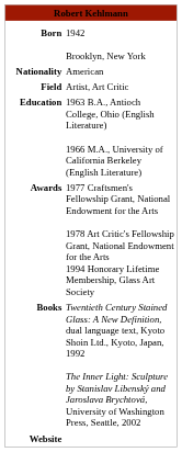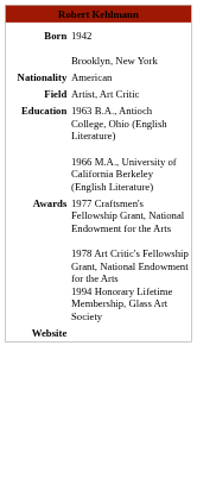 <table style="border:1px solid darkgray; font-size:88%;" cellpadding="3" cellspacing="0" align="right">
 <tr border="0">
 <th style="background:#9E1803 " colspan="2" style="color:white;"><strong>Robert Kehlmann</strong></th>
 </tr>
 <tr border="0">
 <td colspan="2" align="center"></td>
 </tr>
 <tr border="0">
 <td width="80" align="right" valign="top"><strong>Born</strong></td>
 <td width="160" align="left" valign="top">1942<br><br>Brooklyn, New York</td>
 </tr>
 <tr border="0">
 <td width="80" align="right" valign="top"><strong>Nationality</strong></td>
 <td width="160" align="left" valign="top">American</td>
 </tr>
 <tr>
 <td width="80" align="right" valign="top"><strong>Field</strong></td>
 <td width="160" align="left" valign="top">Artist, Art Critic</td>
 </tr>
 <tr>
 <td width="80" align="right" valign="top"><strong>Education</strong></td>
 <td width="160" align="left" valign="top">1963 B.A., Antioch College, Ohio (English Literature)<br><br>1966 M.A., University of California Berkeley (English Literature)</td>
 </tr>
 <tr>
 <td width="80" align="right" valign="top"><strong>Awards</strong></td>
 <td width="160" align="left" valign="top">1977 Craftsmen's Fellowship Grant, National Endowment for the Arts<br><br>1978 Art Critic's Fellowship Grant, National Endowment for the Arts<br> 1994 Honorary Lifetime Membership, Glass Art Society</td>
 </tr>
 <tr>
-<td width="80" align="right" valign="top"><strong>Books</strong></td>
-<td width="160" align="left" valign="top"><em>Twentieth Century Stained Glass: A New Definition</em>, dual language text, Kyoto Shoin Ltd., Kyoto, Japan, 1992<br><br><em>The Inner Light: Sculpture by Stanislav Libenský and Jaroslava Brychtová</em>, University of Washington Press, Seattle, 2002</td>
-</tr>
-<tr>
 <td width="80" align="right" valign="top"><strong>Website</strong></td>
 <td width="160" align="left" valign="top"></td>
 </tr>
 </table>
